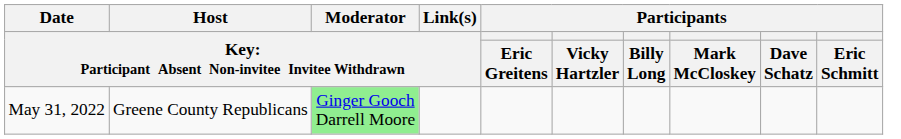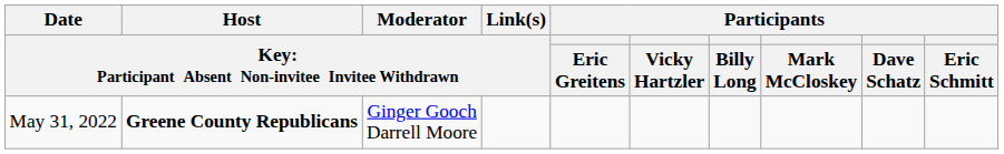 <table class="wikitable" style="text-align:center;">
 <tr>
 <th scope="col">Date</th>
 <th scope="col">Host</th>
 <th scope="col">Moderator</th>
 <th scope="col">Link(s)</th>
 <th colspan="6" scope="col">Participants</th>
 </tr>
 <tr>
 <th colspan="4" rowspan="2">Key:<br> <small>Participant </small>  <small>Absent </small>  <small>Non-invitee </small>  <small>Invitee  Withdrawn</small></th>
 <th scope="col" style="background:"></th>
 <th scope="col" style="background:"></th>
 <th scope="col" style="background:"></th>
 <th scope="col" style="background:"></th>
 <th scope="col" style="background:"></th>
 <th scope="col" style="background:"></th>
 </tr>
 <tr>
 <th scope="col">Eric<br>Greitens</th>
 <th scope="col">Vicky<br>Hartzler</th>
 <th scope="col">Billy<br>Long</th>
 <th scope="col">Mark<br>McCloskey</th>
 <th scope="col">Dave<br>Schatz</th>
 <th scope="col">Eric<br>Schmitt</th>
 </tr>
 <tr>
 <td style="white-space:nowrap;">May 31, 2022</td>
-<td style="white-space:nowrap;">Greene County Republicans</td>
-<td style="background: lightgreen; white-space:nowrap;"><a href='#'>Ginger Gooch</a><br>Darrell Moore</td>
+<td style="white-space:nowrap;"><strong>Greene County Republicans</strong></td>
+<td style="white-space:nowrap;"><a href='#'>Ginger Gooch</a><br>Darrell Moore</td>
 <td style="white-space:nowrap;"></td>
 <td></td>
 <td></td>
 <td></td>
 <td></td>
 <td></td>
 <td></td>
 </tr>
 </table>
